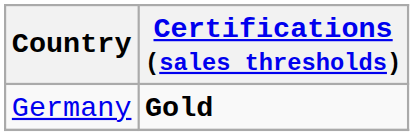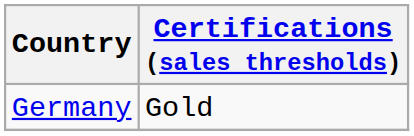 <table class="wikitable">
 <tr>
 <th>Country</th>
 <th><a href='#'>Certifications</a><br><small>(<a href='#'>sales thresholds</a>)</small></th>
 </tr>
 <tr>
 <td><a href='#'>Germany</a></td>
-<td><strong>Gold</strong></td>
+<td>Gold</td>
 </tr>
 <tr>
 </tr>
 </table>
